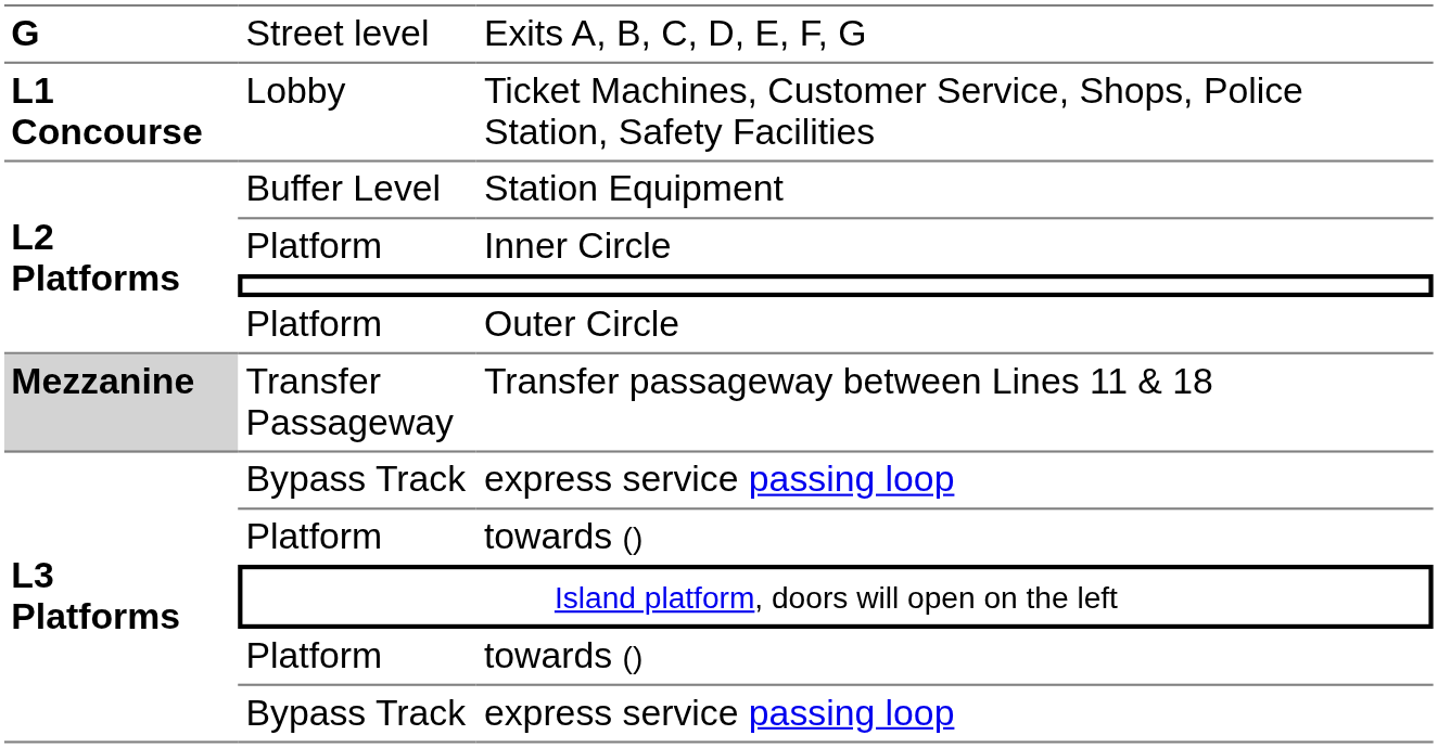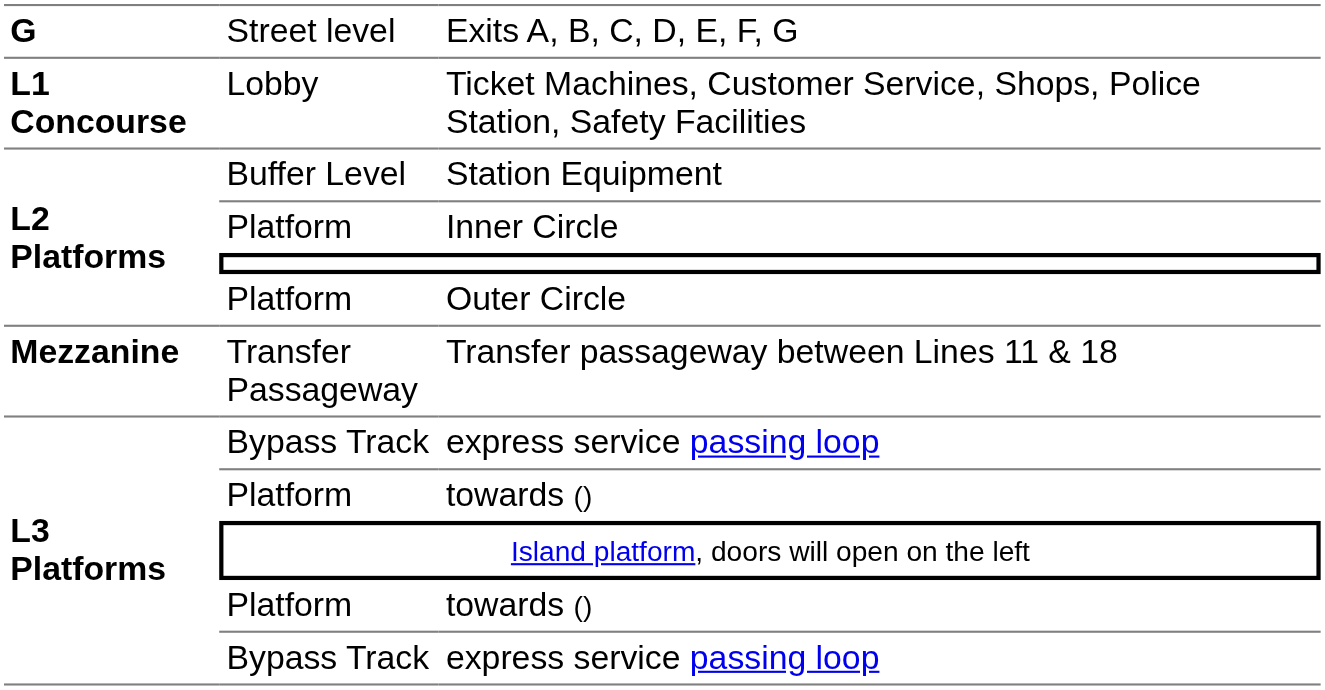 <table table border=0 cellspacing=0 cellpadding=3>
 <tr>
 <td style="border-top:solid 1px gray;" width=50 valign=top><strong>G</strong></td>
 <td style="border-top:solid 1px gray;" width=100 valign=top>Street level</td>
 <td style="border-top:solid 1px gray;" width=390 valign=top>Exits A, B, C, D, E, F, G</td>
 </tr>
 <tr>
 <td style="border-bottom:solid 1px gray; border-top:solid 1px gray;" valign=top><strong>L1<br>Concourse</strong></td>
 <td style="border-bottom:solid 1px gray; border-top:solid 1px gray;" valign=top>Lobby</td>
 <td style="border-bottom:solid 1px gray; border-top:solid 1px gray;" valign=top>Ticket Machines, Customer Service, Shops, Police Station, Safety Facilities</td>
 </tr>
 <tr>
 <td style="border-bottom:solid 1px gray;" rowspan="4"><strong>L2<br> Platforms</strong></td>
 <td style="border-bottom:solid 1px gray;" valign=top>Buffer Level</td>
 <td style="border-bottom:solid 1px gray;" valign=top>Station Equipment</td>
 </tr>
 <tr>
 <td>Platform </td>
 <td>  Inner Circle </td>
 </tr>
 <tr>
 <td style="border-right:solid 2px black;border-left:solid 2px black;border-top:solid 2px black;border-bottom:solid 2px black;text-align:center;" colspan=2></td>
 </tr>
 <tr>
 <td style="border-bottom:solid 1px gray;">Platform </td>
 <td style="border-bottom:solid 1px gray;"> Outer Circle  </td>
 </tr>
 <tr>
-<td style="background: lightgrey; border-bottom:solid 1px gray;" valign=top width=100><strong>Mezzanine</strong></td>
+<td style="border-bottom:solid 1px gray;" valign=top width=100><strong>Mezzanine</strong></td>
 <td style="border-bottom:solid 1px gray;" valign=top width=100>Transfer Passageway</td>
 <td style="border-bottom:solid 1px gray;" valign=top width=500>Transfer passageway between Lines 11 & 18</td>
 </tr>
 <tr>
 <td style="border-bottom:solid 1px gray;" rowspan="5”"><strong>L3<br> Platforms</strong></td>
 <td>Bypass Track</td>
 <td>  express service <a href='#'>passing loop</a></td>
 </tr>
 <tr>
 <td style="border-top:solid 1px gray;">Platform </td>
 <td style="border-top:solid 1px gray;">  towards  <small>()</small></td>
 </tr>
 <tr>
 <td style="border-top:solid 2px black;border-right:solid 2px black;border-left:solid 2px black;border-bottom:solid 2px black;text-align:center;" colspan=2><small><a href='#'>Island platform</a>, doors will open on the left</small></td>
 </tr>
 <tr>
 <td style="border-bottom:solid 1px gray;">Platform </td>
 <td style="border-bottom:solid 1px gray;"> towards  <small>()</small> </td>
 </tr>
 <tr>
 <td style="border-bottom:solid 1px gray;">Bypass Track</td>
 <td style="border-bottom:solid 1px gray;"> express service <a href='#'>passing loop</a> </td>
 </tr>
 </table>
